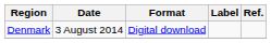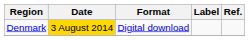 <table class=wikitable>
 <tr>
 <th>Region</th>
 <th>Date</th>
 <th>Format</th>
 <th>Label</th>
 <th>Ref.</th>
 </tr>
 <tr>
 <td><a href='#'>Denmark</a></td>
-<td>3 August 2014</td>
+<td style="background: gold;">3 August 2014</td>
 <td><a href='#'>Digital download</a></td>
 <td></td>
 <td></td>
 </tr>
 <tr>
 </tr>
 </table>
